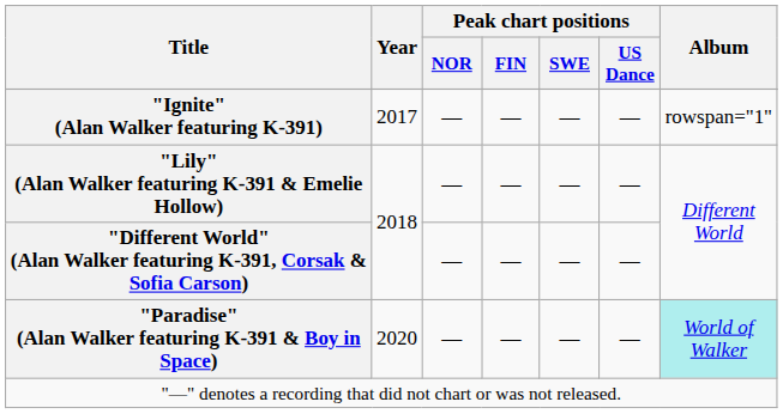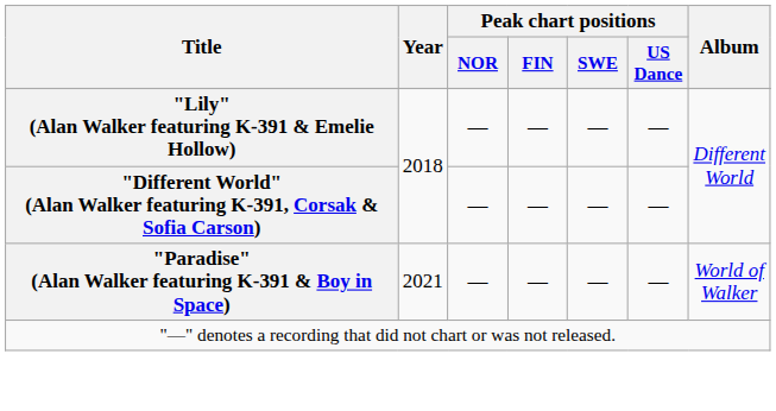 <table class="wikitable plainrowheaders" style="text-align:center;" border="1">
 <tr>
 <th scope="col" rowspan="2" style="width:20em;">Title</th>
 <th scope="col" rowspan="2" style="width:1em;">Year</th>
 <th scope="col" colspan="4">Peak chart positions</th>
 <th scope="col" rowspan="2">Album</th>
 </tr>
 <tr>
 <th scope="col" style="width:2.9em;font-size:90%;"><a href='#'>NOR</a><br></th>
 <th scope="col" style="width:2.9em;font-size:90%;"><a href='#'>FIN</a><br></th>
 <th scope="col" style="width:2.9em;font-size:90%;"><a href='#'>SWE</a><br></th>
 <th scope="col" style="width:2.9em;font-size:90%;"><a href='#'>US<br>Dance</a><br></th>
 </tr>
 <tr>
-</tr>
-<tr>
-<th scope="row">"Ignite" <br><span>(Alan Walker featuring K-391)</span></th>
-<td rowspan="1">2017</td>
-<td>—</td>
-<td>—</td>
-<td>—</td>
-<td>—</td>
-<td>rowspan="1" </td>
 </tr>
 <tr>
 <th scope="row">"Lily" <br><span>(Alan Walker featuring K-391 & Emelie Hollow)</span></th>
 <td rowspan="2">2018</td>
 <td>—</td>
 <td>—</td>
 <td>—</td>
 <td>—</td>
 <td rowspan="2"><em><a href='#'>Different World</a></em></td>
 </tr>
 <tr>
 <th scope="row">"Different World" <br><span>(Alan Walker featuring K-391, <a href='#'>Corsak</a> & <a href='#'>Sofia Carson</a>)</span></th>
 <td>—</td>
 <td>—</td>
 <td>—</td>
 <td>—</td>
 </tr>
 <tr>
 <th scope="row">"Paradise" <br><span>(Alan Walker featuring K-391 & <a href='#'>Boy in Space</a>)</span></th>
-<td rowspan="1">2020</td>
+<td rowspan="1">2021</td>
 <td>—</td>
 <td>—</td>
 <td>—</td>
 <td>—</td>
-<td rowspan="1" style="background: paleturquoise;"><em><a href='#'>World of Walker</a></em></td>
+<td rowspan="1"><em><a href='#'>World of Walker</a></em></td>
 </tr>
 <tr>
 <td colspan="7" style="font-size:90%">"—" denotes a recording that did not chart or was not released.</td>
 </tr>
 </table>
